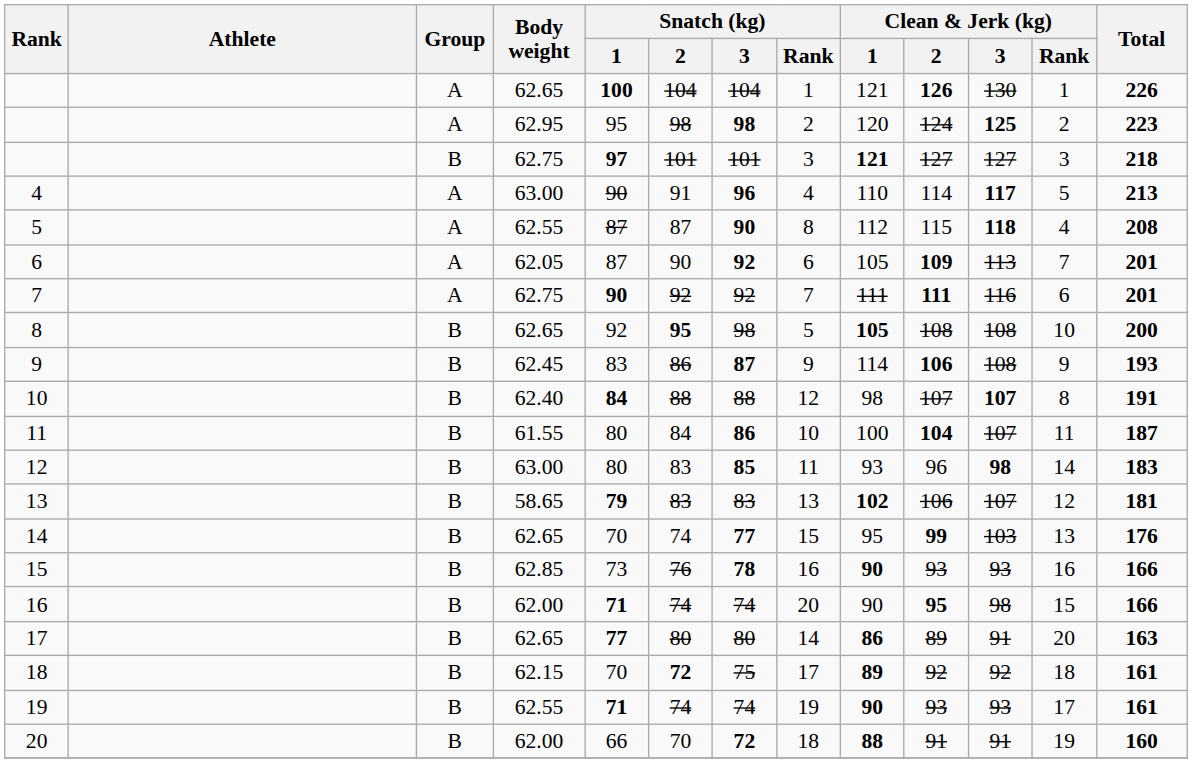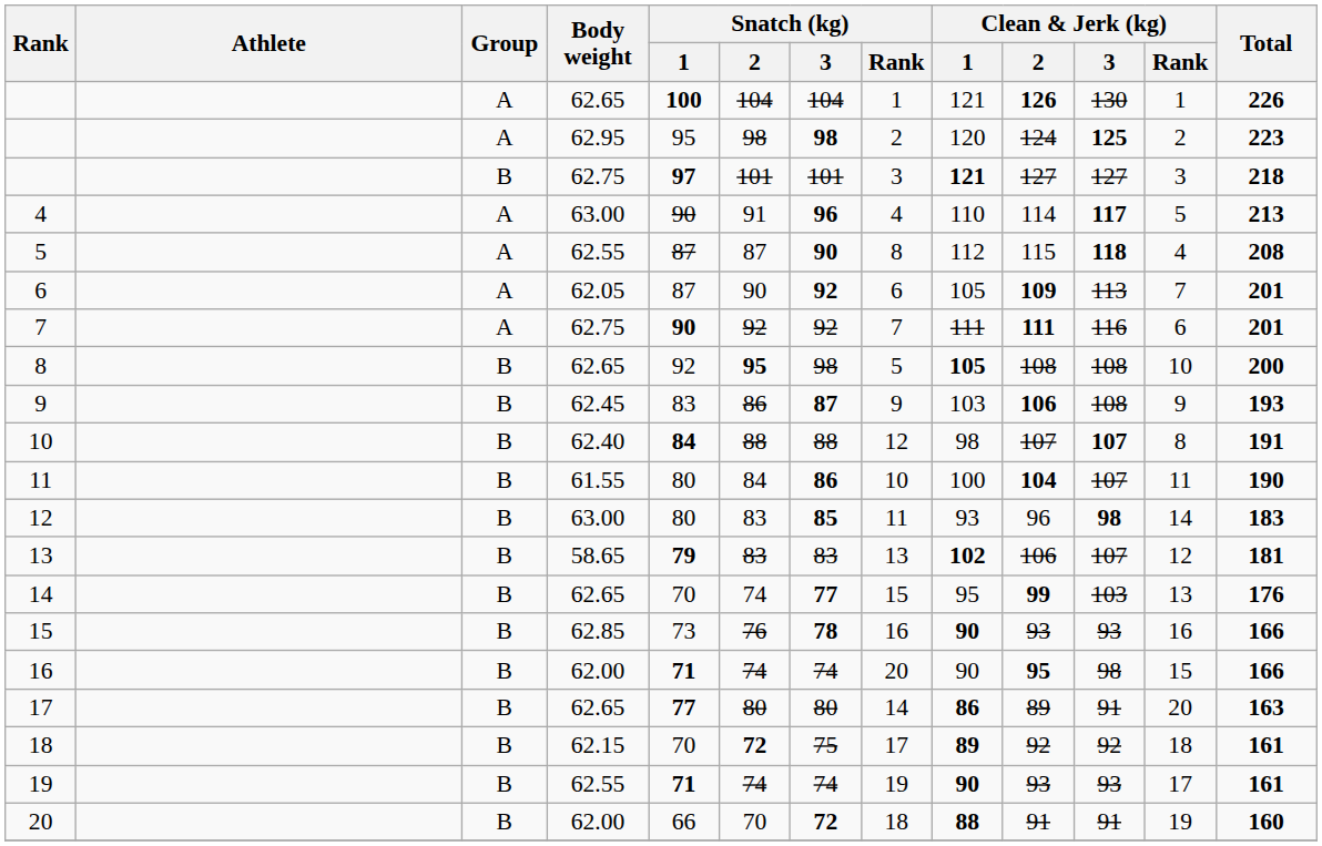 <table class = "wikitable" style="text-align:center;">
 <tr>
 <th rowspan=2 width=40>Rank</th>
 <th rowspan=2 width=250>Athlete</th>
 <th rowspan=2 width=50>Group</th>
 <th rowspan=2 width=60>Body weight</th>
 <th colspan=4>Snatch (kg)</th>
 <th colspan=4>Clean & Jerk (kg)</th>
 <th rowspan=2 width=60>Total</th>
 </tr>
 <tr>
 <th width=40>1</th>
 <th width=40>2</th>
 <th width=40>3</th>
 <th width=40>Rank</th>
 <th width=40>1</th>
 <th width=40>2</th>
 <th width=40>3</th>
 <th width=40>Rank</th>
 </tr>
 <tr>
 <td></td>
 <td align=left></td>
 <td>A</td>
 <td>62.65</td>
 <td><strong>100</strong></td>
 <td><s>104</s></td>
 <td><s>104</s></td>
 <td>1</td>
 <td>121</td>
 <td><strong>126</strong></td>
 <td><s>130</s></td>
 <td>1</td>
 <td><strong>226</strong></td>
 </tr>
 <tr>
 <td></td>
 <td align=left></td>
 <td>A</td>
 <td>62.95</td>
 <td>95</td>
 <td><s>98</s></td>
 <td><strong>98</strong></td>
 <td>2</td>
 <td>120</td>
 <td><s>124</s></td>
 <td><strong>125</strong></td>
 <td>2</td>
 <td><strong>223</strong></td>
 </tr>
 <tr>
 <td></td>
 <td align=left></td>
 <td>B</td>
 <td>62.75</td>
 <td><strong>97</strong></td>
 <td><s>101</s></td>
 <td><s>101</s></td>
 <td>3</td>
 <td><strong>121</strong></td>
 <td><s>127</s></td>
 <td><s>127</s></td>
 <td>3</td>
 <td><strong>218</strong></td>
 </tr>
 <tr>
 <td>4</td>
 <td align=left></td>
 <td>A</td>
 <td>63.00</td>
 <td><s>90</s></td>
 <td>91</td>
 <td><strong>96</strong></td>
 <td>4</td>
 <td>110</td>
 <td>114</td>
 <td><strong>117</strong></td>
 <td>5</td>
 <td><strong>213</strong></td>
 </tr>
 <tr>
 <td>5</td>
 <td align=left></td>
 <td>A</td>
 <td>62.55</td>
 <td><s>87</s></td>
 <td>87</td>
 <td><strong>90</strong></td>
 <td>8</td>
 <td>112</td>
 <td>115</td>
 <td><strong>118</strong></td>
 <td>4</td>
 <td><strong>208</strong></td>
 </tr>
 <tr>
 <td>6</td>
 <td align=left></td>
 <td>A</td>
 <td>62.05</td>
 <td>87</td>
 <td>90</td>
 <td><strong>92</strong></td>
 <td>6</td>
 <td>105</td>
 <td><strong>109</strong></td>
 <td><s>113</s></td>
 <td>7</td>
 <td><strong>201</strong></td>
 </tr>
 <tr>
 <td>7</td>
 <td align=left></td>
 <td>A</td>
 <td>62.75</td>
 <td><strong>90</strong></td>
 <td><s>92</s></td>
 <td><s>92</s></td>
 <td>7</td>
 <td><s>111</s></td>
 <td><strong>111</strong></td>
 <td><s>116</s></td>
 <td>6</td>
 <td><strong>201</strong></td>
 </tr>
 <tr>
 <td>8</td>
 <td align=left></td>
 <td>B</td>
 <td>62.65</td>
 <td>92</td>
 <td><strong>95</strong></td>
 <td><s>98</s></td>
 <td>5</td>
 <td><strong>105</strong></td>
 <td><s>108</s></td>
 <td><s>108</s></td>
 <td>10</td>
 <td><strong>200</strong></td>
 </tr>
 <tr>
 <td>9</td>
 <td align=left></td>
 <td>B</td>
 <td>62.45</td>
 <td>83</td>
 <td><s>86</s></td>
 <td><strong>87</strong></td>
 <td>9</td>
-<td>114</td>
+<td>103</td>
 <td><strong>106</strong></td>
 <td><s>108</s></td>
 <td>9</td>
 <td><strong>193</strong></td>
 </tr>
 <tr>
 <td>10</td>
 <td align=left></td>
 <td>B</td>
 <td>62.40</td>
 <td><strong>84</strong></td>
 <td><s>88</s></td>
 <td><s>88</s></td>
 <td>12</td>
 <td>98</td>
 <td><s>107</s></td>
 <td><strong>107</strong></td>
 <td>8</td>
 <td><strong>191</strong></td>
 </tr>
 <tr>
 <td>11</td>
 <td align=left></td>
 <td>B</td>
 <td>61.55</td>
 <td>80</td>
 <td>84</td>
 <td><strong>86</strong></td>
 <td>10</td>
 <td>100</td>
 <td><strong>104</strong></td>
 <td><s>107</s></td>
 <td>11</td>
-<td><strong>187</strong></td>
+<td><strong>190</strong></td>
 </tr>
 <tr>
 <td>12</td>
 <td align=left></td>
 <td>B</td>
 <td>63.00</td>
 <td>80</td>
 <td>83</td>
 <td><strong>85</strong></td>
 <td>11</td>
 <td>93</td>
 <td>96</td>
 <td><strong>98</strong></td>
 <td>14</td>
 <td><strong>183</strong></td>
 </tr>
 <tr>
 <td>13</td>
 <td align=left></td>
 <td>B</td>
 <td>58.65</td>
 <td><strong>79</strong></td>
 <td><s>83</s></td>
 <td><s>83</s></td>
 <td>13</td>
 <td><strong>102</strong></td>
 <td><s>106</s></td>
 <td><s>107</s></td>
 <td>12</td>
 <td><strong>181</strong></td>
 </tr>
 <tr>
 <td>14</td>
 <td align=left></td>
 <td>B</td>
 <td>62.65</td>
 <td>70</td>
 <td>74</td>
 <td><strong>77</strong></td>
 <td>15</td>
 <td>95</td>
 <td><strong>99</strong></td>
 <td><s>103</s></td>
 <td>13</td>
 <td><strong>176</strong></td>
 </tr>
 <tr>
 <td>15</td>
 <td align=left></td>
 <td>B</td>
 <td>62.85</td>
 <td>73</td>
 <td><s>76</s></td>
 <td><strong>78</strong></td>
 <td>16</td>
 <td><strong>90</strong></td>
 <td><s>93</s></td>
 <td><s>93</s></td>
 <td>16</td>
 <td><strong>166</strong></td>
 </tr>
 <tr>
 <td>16</td>
 <td align=left></td>
 <td>B</td>
 <td>62.00</td>
 <td><strong>71</strong></td>
 <td><s>74</s></td>
 <td><s>74</s></td>
 <td>20</td>
 <td>90</td>
 <td><strong>95</strong></td>
 <td><s>98</s></td>
 <td>15</td>
 <td><strong>166</strong></td>
 </tr>
 <tr>
 <td>17</td>
 <td align=left></td>
 <td>B</td>
 <td>62.65</td>
 <td><strong>77</strong></td>
 <td><s>80</s></td>
 <td><s>80</s></td>
 <td>14</td>
 <td><strong>86</strong></td>
 <td><s>89</s></td>
 <td><s>91</s></td>
 <td>20</td>
 <td><strong>163</strong></td>
 </tr>
 <tr>
 <td>18</td>
 <td align=left></td>
 <td>B</td>
 <td>62.15</td>
 <td>70</td>
 <td><strong>72</strong></td>
 <td><s>75</s></td>
 <td>17</td>
 <td><strong>89</strong></td>
 <td><s>92</s></td>
 <td><s>92</s></td>
 <td>18</td>
 <td><strong>161</strong></td>
 </tr>
 <tr>
 <td>19</td>
 <td align=left></td>
 <td>B</td>
 <td>62.55</td>
 <td><strong>71</strong></td>
 <td><s>74</s></td>
 <td><s>74</s></td>
 <td>19</td>
 <td><strong>90</strong></td>
 <td><s>93</s></td>
 <td><s>93</s></td>
 <td>17</td>
 <td><strong>161</strong></td>
 </tr>
 <tr>
 <td>20</td>
 <td align=left></td>
 <td>B</td>
 <td>62.00</td>
 <td>66</td>
 <td>70</td>
 <td><strong>72</strong></td>
 <td>18</td>
 <td><strong>88</strong></td>
 <td><s>91</s></td>
 <td><s>91</s></td>
 <td>19</td>
 <td><strong>160</strong></td>
 </tr>
 <tr>
 </tr>
 </table>
